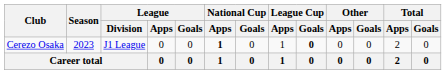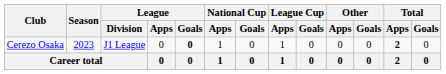 <table class=wikitable style=text-align:center>
 <tr>
 <th rowspan=2>Club</th>
 <th rowspan=2>Season</th>
 <th colspan=3>League</th>
 <th colspan=2>National Cup</th>
 <th colspan=2>League Cup</th>
 <th colspan=2>Other</th>
 <th colspan=2>Total</th>
 </tr>
 <tr>
 <th>Division</th>
 <th>Apps</th>
 <th>Goals</th>
 <th>Apps</th>
 <th>Goals</th>
 <th>Apps</th>
 <th>Goals</th>
 <th>Apps</th>
 <th>Goals</th>
 <th>Apps</th>
 <th>Goals</th>
 </tr>
 <tr>
 <td><a href='#'>Cerezo Osaka</a></td>
 <td><a href='#'>2023</a></td>
 <td><a href='#'>J1 League</a></td>
 <td>0</td>
-<td>0</td>
-<td><strong>1</strong></td>
+<td><strong>0</strong></td>
+<td>1</td>
 <td>0</td>
 <td>1</td>
-<td><strong>0</strong></td>
 <td>0</td>
 <td>0</td>
-<td>2</td>
+<td>0</td>
+<td><strong>2</strong></td>
 <td>0</td>
 </tr>
 <tr>
 <th colspan=3>Career total</th>
 <th>0</th>
 <th>0</th>
 <th>1</th>
 <th>0</th>
 <th>1</th>
 <th>0</th>
 <th>0</th>
 <th>0</th>
 <th>2</th>
 <th>0</th>
 </tr>
 </table>
